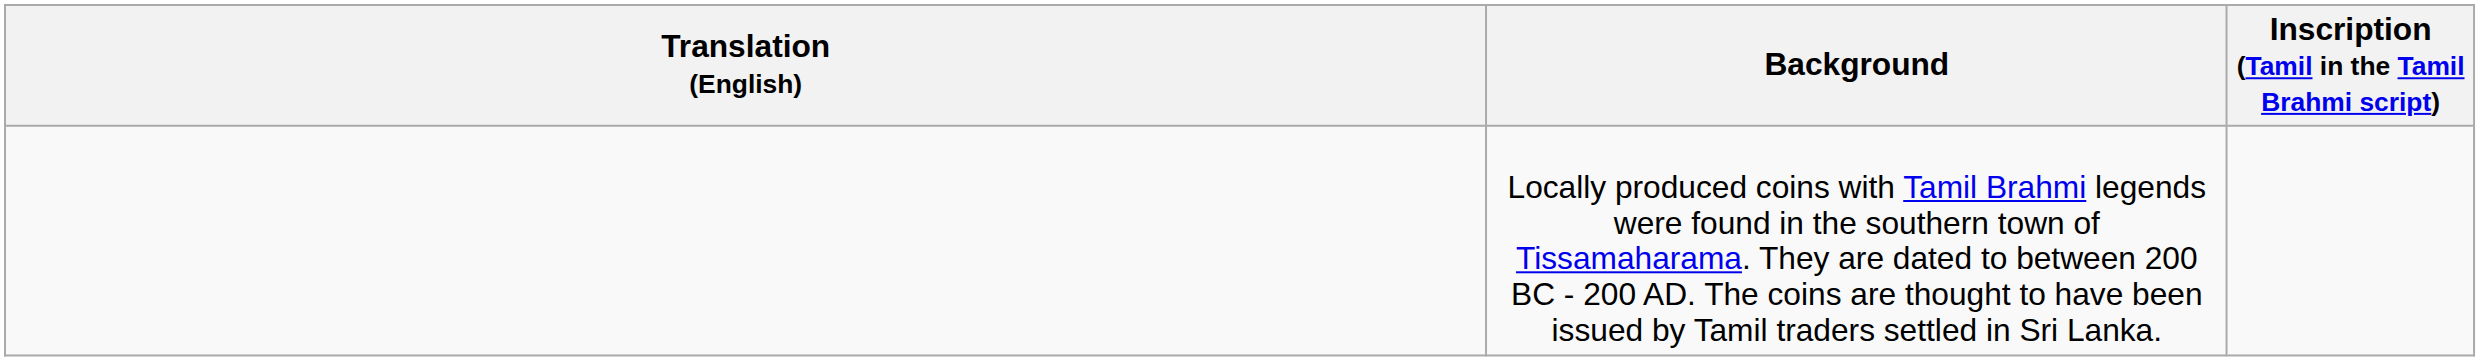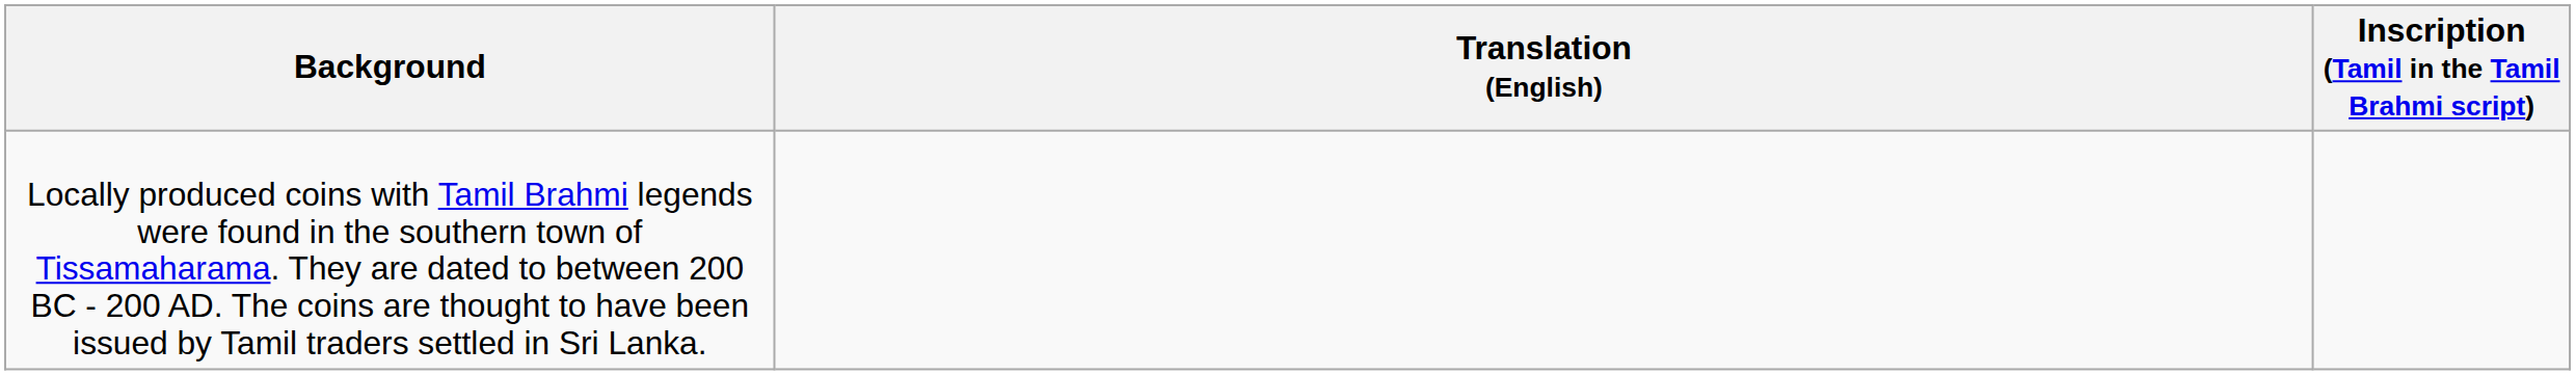 <table class="wikitable centre">
 <tr>
+<th scope="col" align=left>Background<br></th>
 <th>Translation<br><small>(English)</small></th>
-<th scope="col" align=left>Background<br></th>
 <th>Inscription<br><small>(<a href='#'>Tamil</a> in the <a href='#'>Tamil Brahmi script</a>)</small></th>
 </tr>
 <tr>
+<td align=center width="30%"><br>Locally produced coins with <a href='#'>Tamil Brahmi</a> legends were found in the southern town of <a href='#'>Tissamaharama</a>. They are dated to between 200 BC - 200 AD. The coins are thought to have been issued by Tamil traders settled in Sri Lanka.</td>
 <td align=left><br></td>
-<td align=center width="30%"><br>Locally produced coins with <a href='#'>Tamil Brahmi</a> legends were found in the southern town of <a href='#'>Tissamaharama</a>. They are dated to between 200 BC - 200 AD. The coins are thought to have been issued by Tamil traders settled in Sri Lanka.</td>
 <td align=center width="10%"><br> </td>
 </tr>
 </table>
